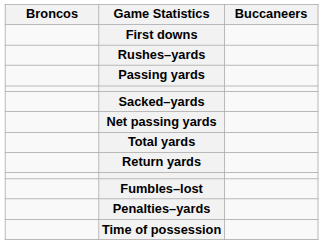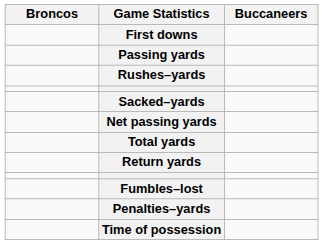 <table class="wikitable" style="margin: 1em auto 1em auto">
 <tr>
 <th style="width:30%;">Broncos</th>
 <th style="width:40%;">Game Statistics</th>
 <th style="width:30%;">Buccaneers</th>
 </tr>
 <tr>
 <td style="text-align:right;"></td>
 <th>First downs</th>
 <td></td>
 </tr>
 <tr>
 <td style="text-align:right;"></td>
-<th>Rushes–yards</th>
+<th>Passing yards</th>
 <td></td>
 </tr>
 <tr>
 <td style="text-align:right;"></td>
-<th>Passing yards</th>
+<th>Rushes–yards</th>
 <td></td>
 </tr>
 <tr>
 <td style="text-align:right;"></td>
 <th></th>
 <td></td>
 </tr>
 <tr>
 <td style="text-align:right;"></td>
 <th>Sacked–yards</th>
 <td></td>
 </tr>
 <tr>
 <td style="text-align:right;"></td>
 <th>Net passing yards</th>
 <td></td>
 </tr>
 <tr>
 <td style="text-align:right;"></td>
 <th>Total yards</th>
 <td></td>
 </tr>
 <tr>
 <td style="text-align:right;"></td>
 <th>Return yards</th>
 <td></td>
 </tr>
 <tr>
 <td style="text-align:right;"></td>
 <th></th>
 <td></td>
 </tr>
 <tr>
 <td style="text-align:right;"></td>
 <th>Fumbles–lost</th>
 <td></td>
 </tr>
 <tr>
 <td style="text-align:right;"></td>
 <th>Penalties–yards</th>
 <td></td>
 </tr>
 <tr>
 <td style="text-align:right;"></td>
 <th>Time of possession</th>
 <td></td>
 </tr>
 </table>
